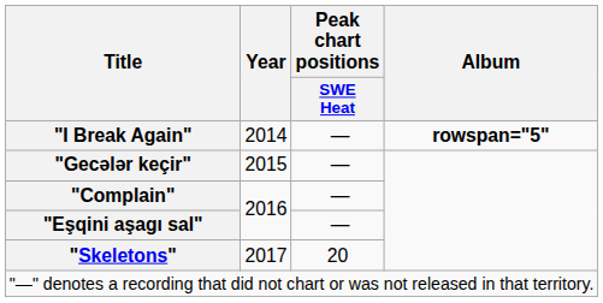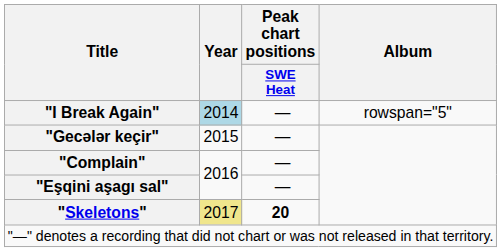 <table class="wikitable plainrowheaders" style="text-align:center;">
 <tr>
 <th scope="col" rowspan="2" style="width:12em;">Title</th>
 <th scope="col" rowspan="2" style="width:1em;">Year</th>
 <th scope="col" colspan="1">Peak chart positions</th>
 <th scope="col" rowspan="2">Album</th>
 </tr>
 <tr>
 <th scope="col" style="width:3em;font-size:85%;"><a href='#'>SWE<br>Heat</a><br></th>
 </tr>
 <tr>
 <th scope="row">"I Break Again"</th>
-<td>2014</td>
+<td style="background: lightblue;">2014</td>
 <td> —</td>
-<td><strong>rowspan="5" </strong></td>
+<td>rowspan="5" </td>
 </tr>
 <tr>
 <th scope="row">"Gecələr keçir"</th>
 <td>2015</td>
 <td> —</td>
 </tr>
 <tr>
 <th scope="row">"Complain"</th>
 <td rowspan="2">2016</td>
 <td> —</td>
 </tr>
 <tr>
 <th scope="row">"Eşqini aşagı sal"</th>
 <td> —</td>
 </tr>
 <tr>
 <th scope="row">"<a href='#'>Skeletons</a>"</th>
-<td>2017</td>
-<td>20</td>
+<td style="background: khaki;">2017</td>
+<td><strong>20</strong></td>
 </tr>
 <tr>
 <td colspan="14" style="font-size:90%">"—" denotes a recording that did not chart or was not released in that territory.</td>
 </tr>
 </table>
